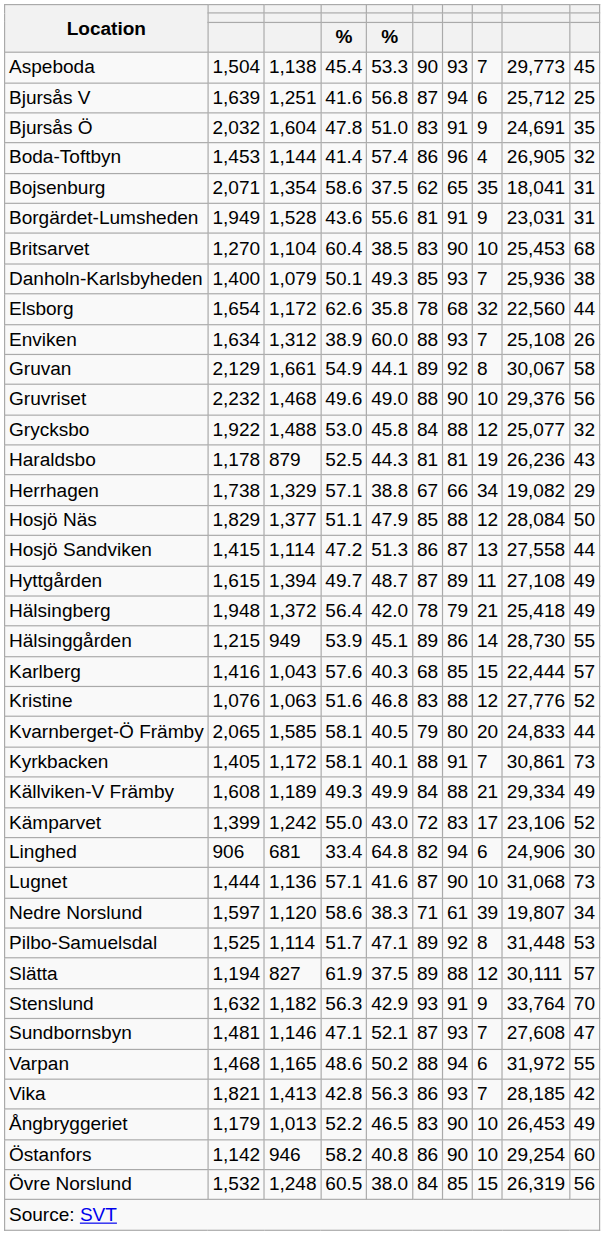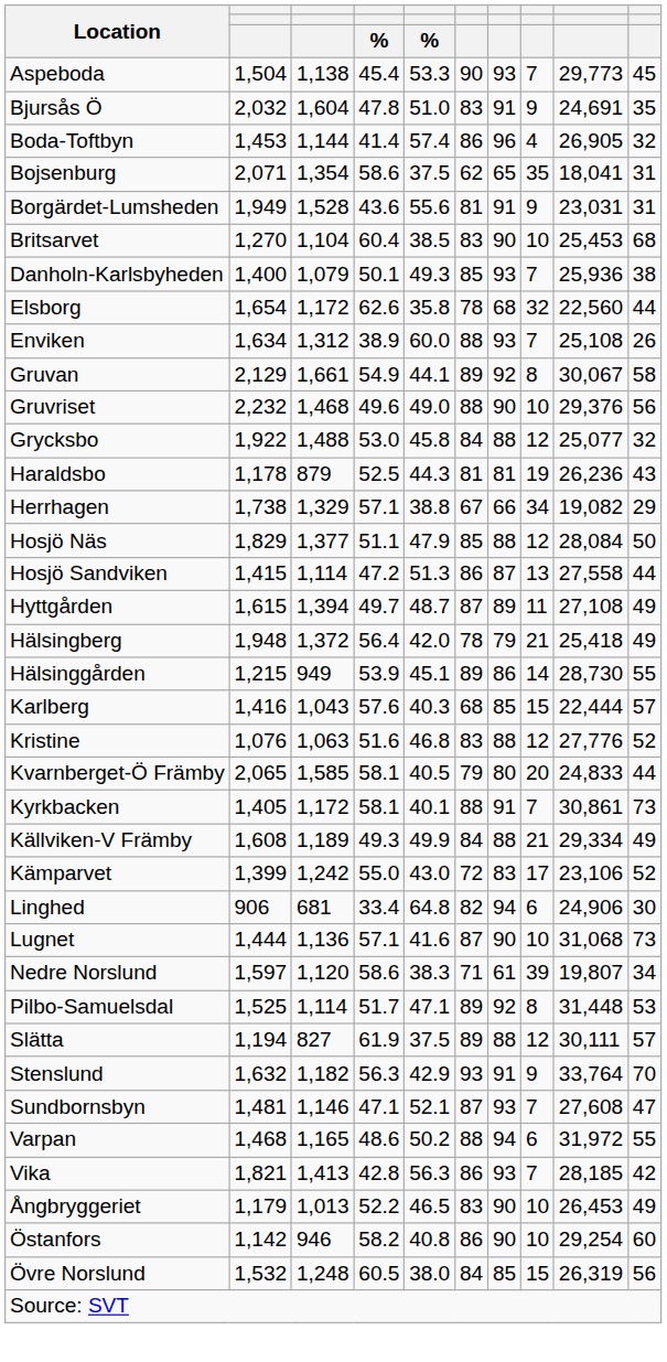 <table role="presentation" class="wikitable sortable mw-collapsible mw-collapsed">
 <tr>
 <th rowspan="3">Location</th>
 <th></th>
 <th></th>
 <th></th>
 <th></th>
 <th></th>
 <th></th>
 <th></th>
 <th></th>
 <th></th>
 </tr>
 <tr>
 <th></th>
 <th></th>
 <th style="background:"></th>
 <th style="background:"></th>
 <th></th>
 <th></th>
 <th></th>
 <th></th>
 <th></th>
 </tr>
 <tr>
 <th data-sort-type="number"></th>
 <th data-sort-type="number"></th>
 <th data-sort-type="number">%</th>
 <th data-sort-type="number">%</th>
 <th data-sort-type="number"></th>
 <th data-sort-type="number"></th>
 <th data-sort-type="number"></th>
 <th data-sort-type="number"></th>
 <th data-sort-type="number"></th>
 </tr>
 <tr>
 <td align="left">Aspeboda</td>
 <td>1,504</td>
 <td>1,138</td>
 <td>45.4</td>
 <td>53.3</td>
 <td>90</td>
 <td>93</td>
 <td>7</td>
 <td>29,773</td>
 <td>45</td>
-</tr>
-<tr>
-<td align="left">Bjursås V</td>
-<td>1,639</td>
-<td>1,251</td>
-<td>41.6</td>
-<td>56.8</td>
-<td>87</td>
-<td>94</td>
-<td>6</td>
-<td>25,712</td>
-<td>25</td>
 </tr>
 <tr>
 <td align="left">Bjursås Ö</td>
 <td>2,032</td>
 <td>1,604</td>
 <td>47.8</td>
 <td>51.0</td>
 <td>83</td>
 <td>91</td>
 <td>9</td>
 <td>24,691</td>
 <td>35</td>
 </tr>
 <tr>
 <td align="left">Boda-Toftbyn</td>
 <td>1,453</td>
 <td>1,144</td>
 <td>41.4</td>
 <td>57.4</td>
 <td>86</td>
 <td>96</td>
 <td>4</td>
 <td>26,905</td>
 <td>32</td>
 </tr>
 <tr>
 <td align="left">Bojsenburg</td>
 <td>2,071</td>
 <td>1,354</td>
 <td>58.6</td>
 <td>37.5</td>
 <td>62</td>
 <td>65</td>
 <td>35</td>
 <td>18,041</td>
 <td>31</td>
 </tr>
 <tr>
 <td align="left">Borgärdet-Lumsheden</td>
 <td>1,949</td>
 <td>1,528</td>
 <td>43.6</td>
 <td>55.6</td>
 <td>81</td>
 <td>91</td>
 <td>9</td>
 <td>23,031</td>
 <td>31</td>
 </tr>
 <tr>
 <td align="left">Britsarvet</td>
 <td>1,270</td>
 <td>1,104</td>
 <td>60.4</td>
 <td>38.5</td>
 <td>83</td>
 <td>90</td>
 <td>10</td>
 <td>25,453</td>
 <td>68</td>
 </tr>
 <tr>
 <td align="left">Danholn-Karlsbyheden</td>
 <td>1,400</td>
 <td>1,079</td>
 <td>50.1</td>
 <td>49.3</td>
 <td>85</td>
 <td>93</td>
 <td>7</td>
 <td>25,936</td>
 <td>38</td>
 </tr>
 <tr>
 <td align="left">Elsborg</td>
 <td>1,654</td>
 <td>1,172</td>
 <td>62.6</td>
 <td>35.8</td>
 <td>78</td>
 <td>68</td>
 <td>32</td>
 <td>22,560</td>
 <td>44</td>
 </tr>
 <tr>
 <td align="left">Enviken</td>
 <td>1,634</td>
 <td>1,312</td>
 <td>38.9</td>
 <td>60.0</td>
 <td>88</td>
 <td>93</td>
 <td>7</td>
 <td>25,108</td>
 <td>26</td>
 </tr>
 <tr>
 <td align="left">Gruvan</td>
 <td>2,129</td>
 <td>1,661</td>
 <td>54.9</td>
 <td>44.1</td>
 <td>89</td>
 <td>92</td>
 <td>8</td>
 <td>30,067</td>
 <td>58</td>
 </tr>
 <tr>
 <td align="left">Gruvriset</td>
 <td>2,232</td>
 <td>1,468</td>
 <td>49.6</td>
 <td>49.0</td>
 <td>88</td>
 <td>90</td>
 <td>10</td>
 <td>29,376</td>
 <td>56</td>
 </tr>
 <tr>
 <td align="left">Grycksbo</td>
 <td>1,922</td>
 <td>1,488</td>
 <td>53.0</td>
 <td>45.8</td>
 <td>84</td>
 <td>88</td>
 <td>12</td>
 <td>25,077</td>
 <td>32</td>
 </tr>
 <tr>
 <td align="left">Haraldsbo</td>
 <td>1,178</td>
 <td>879</td>
 <td>52.5</td>
 <td>44.3</td>
 <td>81</td>
 <td>81</td>
 <td>19</td>
 <td>26,236</td>
 <td>43</td>
 </tr>
 <tr>
 <td align="left">Herrhagen</td>
 <td>1,738</td>
 <td>1,329</td>
 <td>57.1</td>
 <td>38.8</td>
 <td>67</td>
 <td>66</td>
 <td>34</td>
 <td>19,082</td>
 <td>29</td>
 </tr>
 <tr>
 <td align="left">Hosjö Näs</td>
 <td>1,829</td>
 <td>1,377</td>
 <td>51.1</td>
 <td>47.9</td>
 <td>85</td>
 <td>88</td>
 <td>12</td>
 <td>28,084</td>
 <td>50</td>
 </tr>
 <tr>
 <td align="left">Hosjö Sandviken</td>
 <td>1,415</td>
 <td>1,114</td>
 <td>47.2</td>
 <td>51.3</td>
 <td>86</td>
 <td>87</td>
 <td>13</td>
 <td>27,558</td>
 <td>44</td>
 </tr>
 <tr>
 <td align="left">Hyttgården</td>
 <td>1,615</td>
 <td>1,394</td>
 <td>49.7</td>
 <td>48.7</td>
 <td>87</td>
 <td>89</td>
 <td>11</td>
 <td>27,108</td>
 <td>49</td>
 </tr>
 <tr>
 <td align="left">Hälsingberg</td>
 <td>1,948</td>
 <td>1,372</td>
 <td>56.4</td>
 <td>42.0</td>
 <td>78</td>
 <td>79</td>
 <td>21</td>
 <td>25,418</td>
 <td>49</td>
 </tr>
 <tr>
 <td align="left">Hälsinggården</td>
 <td>1,215</td>
 <td>949</td>
 <td>53.9</td>
 <td>45.1</td>
 <td>89</td>
 <td>86</td>
 <td>14</td>
 <td>28,730</td>
 <td>55</td>
 </tr>
 <tr>
 <td align="left">Karlberg</td>
 <td>1,416</td>
 <td>1,043</td>
 <td>57.6</td>
 <td>40.3</td>
 <td>68</td>
 <td>85</td>
 <td>15</td>
 <td>22,444</td>
 <td>57</td>
 </tr>
 <tr>
 <td align="left">Kristine</td>
 <td>1,076</td>
 <td>1,063</td>
 <td>51.6</td>
 <td>46.8</td>
 <td>83</td>
 <td>88</td>
 <td>12</td>
 <td>27,776</td>
 <td>52</td>
 </tr>
 <tr>
 <td align="left">Kvarnberget-Ö Främby</td>
 <td>2,065</td>
 <td>1,585</td>
 <td>58.1</td>
 <td>40.5</td>
 <td>79</td>
 <td>80</td>
 <td>20</td>
 <td>24,833</td>
 <td>44</td>
 </tr>
 <tr>
 <td align="left">Kyrkbacken</td>
 <td>1,405</td>
 <td>1,172</td>
 <td>58.1</td>
 <td>40.1</td>
 <td>88</td>
 <td>91</td>
 <td>7</td>
 <td>30,861</td>
 <td>73</td>
 </tr>
 <tr>
 <td align="left">Källviken-V Främby</td>
 <td>1,608</td>
 <td>1,189</td>
 <td>49.3</td>
 <td>49.9</td>
 <td>84</td>
 <td>88</td>
 <td>21</td>
 <td>29,334</td>
 <td>49</td>
 </tr>
 <tr>
 <td align="left">Kämparvet</td>
 <td>1,399</td>
 <td>1,242</td>
 <td>55.0</td>
 <td>43.0</td>
 <td>72</td>
 <td>83</td>
 <td>17</td>
 <td>23,106</td>
 <td>52</td>
 </tr>
 <tr>
 <td align="left">Linghed</td>
 <td>906</td>
 <td>681</td>
 <td>33.4</td>
 <td>64.8</td>
 <td>82</td>
 <td>94</td>
 <td>6</td>
 <td>24,906</td>
 <td>30</td>
 </tr>
 <tr>
 <td align="left">Lugnet</td>
 <td>1,444</td>
 <td>1,136</td>
 <td>57.1</td>
 <td>41.6</td>
 <td>87</td>
 <td>90</td>
 <td>10</td>
 <td>31,068</td>
 <td>73</td>
 </tr>
 <tr>
 <td align="left">Nedre Norslund</td>
 <td>1,597</td>
 <td>1,120</td>
 <td>58.6</td>
 <td>38.3</td>
 <td>71</td>
 <td>61</td>
 <td>39</td>
 <td>19,807</td>
 <td>34</td>
 </tr>
 <tr>
 <td align="left">Pilbo-Samuelsdal</td>
 <td>1,525</td>
 <td>1,114</td>
 <td>51.7</td>
 <td>47.1</td>
 <td>89</td>
 <td>92</td>
 <td>8</td>
 <td>31,448</td>
 <td>53</td>
 </tr>
 <tr>
 <td align="left">Slätta</td>
 <td>1,194</td>
 <td>827</td>
 <td>61.9</td>
 <td>37.5</td>
 <td>89</td>
 <td>88</td>
 <td>12</td>
 <td>30,111</td>
 <td>57</td>
 </tr>
 <tr>
 <td align="left">Stenslund</td>
 <td>1,632</td>
 <td>1,182</td>
 <td>56.3</td>
 <td>42.9</td>
 <td>93</td>
 <td>91</td>
 <td>9</td>
 <td>33,764</td>
 <td>70</td>
 </tr>
 <tr>
 <td align="left">Sundbornsbyn</td>
 <td>1,481</td>
 <td>1,146</td>
 <td>47.1</td>
 <td>52.1</td>
 <td>87</td>
 <td>93</td>
 <td>7</td>
 <td>27,608</td>
 <td>47</td>
 </tr>
 <tr>
 <td align="left">Varpan</td>
 <td>1,468</td>
 <td>1,165</td>
 <td>48.6</td>
 <td>50.2</td>
 <td>88</td>
 <td>94</td>
 <td>6</td>
 <td>31,972</td>
 <td>55</td>
 </tr>
 <tr>
 <td align="left">Vika</td>
 <td>1,821</td>
 <td>1,413</td>
 <td>42.8</td>
 <td>56.3</td>
 <td>86</td>
 <td>93</td>
 <td>7</td>
 <td>28,185</td>
 <td>42</td>
 </tr>
 <tr>
 <td align="left">Ångbryggeriet</td>
 <td>1,179</td>
 <td>1,013</td>
 <td>52.2</td>
 <td>46.5</td>
 <td>83</td>
 <td>90</td>
 <td>10</td>
 <td>26,453</td>
 <td>49</td>
 </tr>
 <tr>
 <td align="left">Östanfors</td>
 <td>1,142</td>
 <td>946</td>
 <td>58.2</td>
 <td>40.8</td>
 <td>86</td>
 <td>90</td>
 <td>10</td>
 <td>29,254</td>
 <td>60</td>
 </tr>
 <tr>
 <td align="left">Övre Norslund</td>
 <td>1,532</td>
 <td>1,248</td>
 <td>60.5</td>
 <td>38.0</td>
 <td>84</td>
 <td>85</td>
 <td>15</td>
 <td>26,319</td>
 <td>56</td>
 </tr>
 <tr>
 <td colspan="10" align="left">Source: <a href='#'>SVT</a></td>
 </tr>
 </table>
